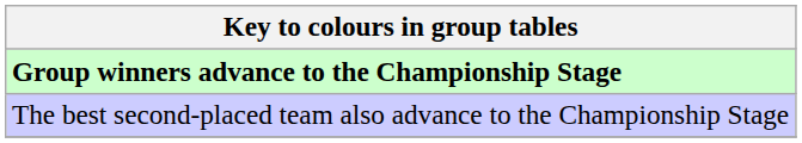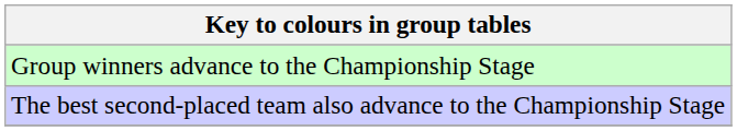 <table class="wikitable">
 <tr>
 <th>Key to colours in group tables</th>
 </tr>
 <tr bgcolor="#ccffcc">
-<td><strong>Group winners advance to the Championship Stage</strong></td>
+<td>Group winners advance to the Championship Stage</td>
 </tr>
 <tr bgcolor="#ccccff">
 <td>The best second-placed team also advance to the Championship Stage</td>
 </tr>
 <tr>
 </tr>
 </table>
